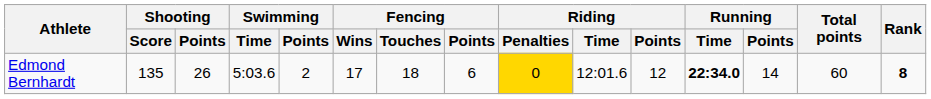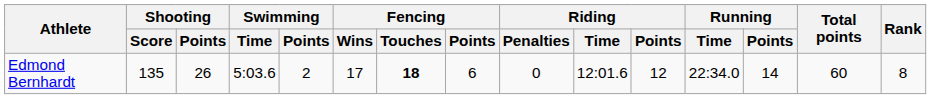 <table class=wikitable style="font-size:90%">
 <tr>
 <th rowspan="2">Athlete</th>
 <th colspan="2">Shooting</th>
 <th colspan="2">Swimming</th>
 <th colspan="3">Fencing</th>
 <th colspan="3">Riding</th>
 <th colspan="2">Running</th>
 <th rowspan="2">Total points</th>
 <th rowspan="2">Rank</th>
 </tr>
 <tr>
 <th>Score</th>
 <th>Points</th>
 <th>Time</th>
 <th>Points</th>
 <th>Wins</th>
 <th>Touches</th>
 <th>Points</th>
 <th>Penalties</th>
 <th>Time</th>
 <th>Points</th>
 <th>Time</th>
 <th>Points</th>
 </tr>
 <tr>
 <td><a href='#'>Edmond Bernhardt</a></td>
 <td align="center">135</td>
 <td align="center">26</td>
 <td align="center">5:03.6</td>
 <td align="center">2</td>
 <td align="center">17</td>
-<td align=center>18</td>
+<td align=center><strong>18</strong></td>
 <td align="center">6</td>
-<td align=center style="background: gold;">0</td>
+<td align=center>0</td>
 <td align="center">12:01.6</td>
 <td align="center">12</td>
-<td align="center"><strong>22:34.0</strong></td>
+<td align="center">22:34.0</td>
 <td align="center">14</td>
 <td align="center">60</td>
-<td align="center"><strong>8</strong></td>
+<td align="center">8</td>
 </tr>
 </table>
